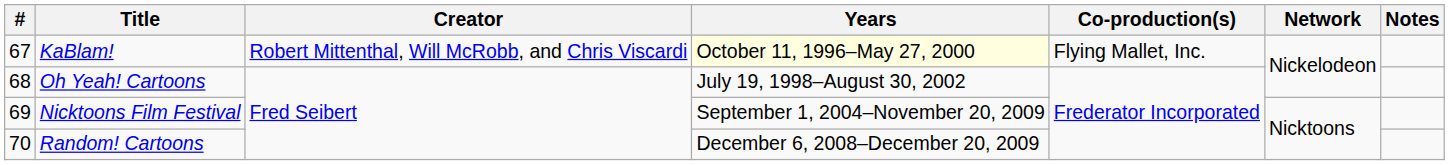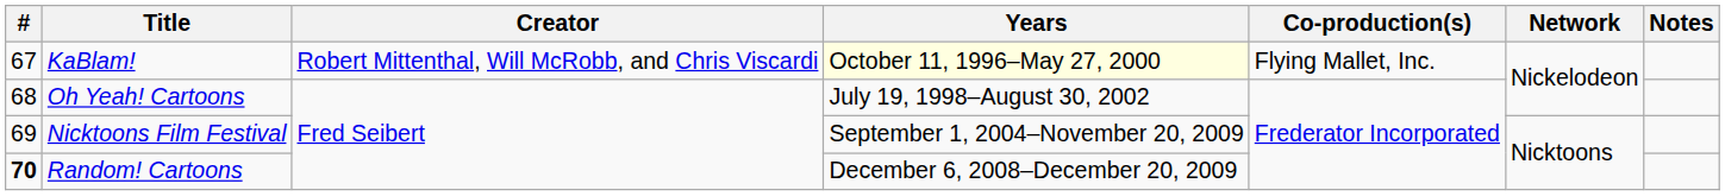 <table class="wikitable sortable">
 <tr>
 <th>#</th>
 <th>Title</th>
 <th>Creator</th>
 <th>Years</th>
 <th>Co-production(s)</th>
 <th>Network</th>
 <th>Notes</th>
 </tr>
 <tr>
 <td>67</td>
 <td><em><a href='#'>KaBlam!</a></em></td>
 <td><a href='#'>Robert Mittenthal</a>, <a href='#'>Will McRobb</a>, and <a href='#'>Chris Viscardi</a></td>
 <td style="background: lightyellow;">October 11, 1996–May 27, 2000</td>
 <td>Flying Mallet, Inc. </td>
 <td rowspan="2">Nickelodeon</td>
 <td></td>
 </tr>
 <tr>
 <td>68</td>
 <td><em><a href='#'>Oh Yeah! Cartoons</a></em></td>
 <td rowspan="3"><a href='#'>Fred Seibert</a></td>
 <td>July 19, 1998–August 30, 2002</td>
 <td rowspan="3"><a href='#'>Frederator Incorporated</a></td>
 <td></td>
 </tr>
 <tr>
 <td>69</td>
 <td><em><a href='#'>Nicktoons Film Festival</a></em></td>
 <td>September 1, 2004–November 20, 2009</td>
 <td rowspan="2">Nicktoons</td>
 <td></td>
 </tr>
 <tr>
-<td>70</td>
+<td><strong>70</strong></td>
 <td><em><a href='#'>Random! Cartoons</a></em></td>
 <td>December 6, 2008–December 20, 2009</td>
 <td></td>
 </tr>
 </table>
